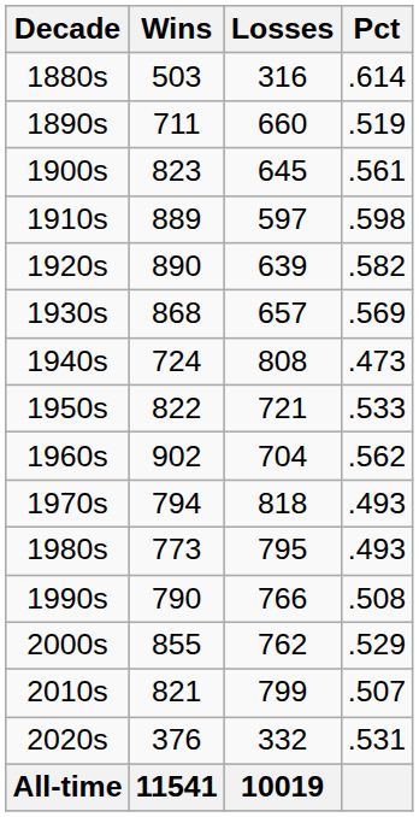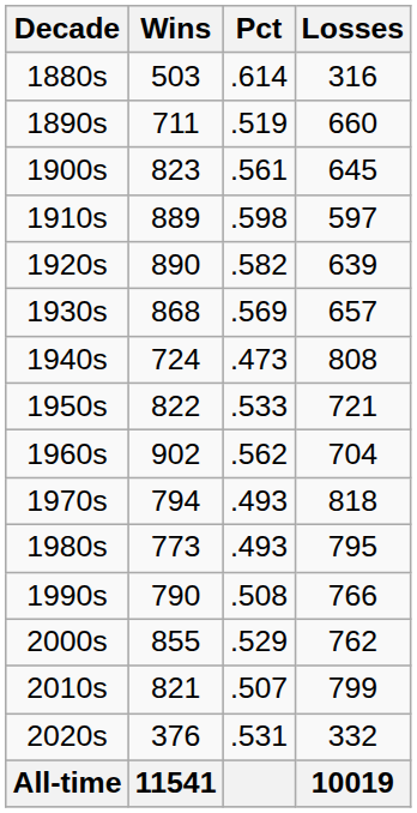 <table class="wikitable" style="text-align:center">
 <tr>
 <th style="text-align:center; ">Decade</th>
 <th style="text-align:center; ">Wins</th>
+<th style="text-align:center; ">Pct</th>
 <th style="text-align:center; ">Losses</th>
-<th style="text-align:center; ">Pct</th>
 </tr>
 <tr>
 <td>1880s</td>
 <td>503</td>
+<td>.614</td>
 <td>316</td>
-<td>.614</td>
 </tr>
 <tr>
 <td>1890s</td>
 <td>711</td>
+<td>.519</td>
 <td>660</td>
-<td>.519</td>
 </tr>
 <tr>
 <td>1900s</td>
 <td>823</td>
+<td>.561</td>
 <td>645</td>
-<td>.561</td>
 </tr>
 <tr>
 <td>1910s</td>
 <td>889</td>
+<td>.598</td>
 <td>597</td>
-<td>.598</td>
 </tr>
 <tr>
 <td>1920s</td>
 <td>890</td>
+<td>.582</td>
 <td>639</td>
-<td>.582</td>
 </tr>
 <tr>
 <td>1930s</td>
 <td>868</td>
+<td>.569</td>
 <td>657</td>
-<td>.569</td>
 </tr>
 <tr>
 <td>1940s</td>
 <td>724</td>
+<td>.473</td>
 <td>808</td>
-<td>.473</td>
 </tr>
 <tr>
 <td>1950s</td>
 <td>822</td>
+<td>.533</td>
 <td>721</td>
-<td>.533</td>
 </tr>
 <tr>
 <td>1960s</td>
 <td>902</td>
+<td>.562</td>
 <td>704</td>
-<td>.562</td>
 </tr>
 <tr>
 <td>1970s</td>
 <td>794</td>
+<td>.493</td>
 <td>818</td>
-<td>.493</td>
 </tr>
 <tr>
 <td>1980s</td>
 <td>773</td>
+<td>.493</td>
 <td>795</td>
-<td>.493</td>
 </tr>
 <tr>
 <td>1990s</td>
 <td>790</td>
+<td>.508</td>
 <td>766</td>
-<td>.508</td>
 </tr>
 <tr>
 <td>2000s</td>
 <td>855</td>
+<td>.529</td>
 <td>762</td>
-<td>.529</td>
 </tr>
 <tr>
 <td>2010s</td>
 <td>821</td>
+<td>.507</td>
 <td>799</td>
-<td>.507</td>
 </tr>
 <tr>
 <td>2020s</td>
 <td>376</td>
+<td>.531</td>
 <td>332</td>
-<td>.531</td>
 </tr>
 <tr style="background:#f0f0f0; font-weight:bold">
 <th style="text-align:center; ">All-time</th>
 <th style="text-align:center; ">11541</th>
+<th style="text-align:center; "></th>
 <th style="text-align:center; ">10019</th>
-<th style="text-align:center; "></th>
 </tr>
 </table>
